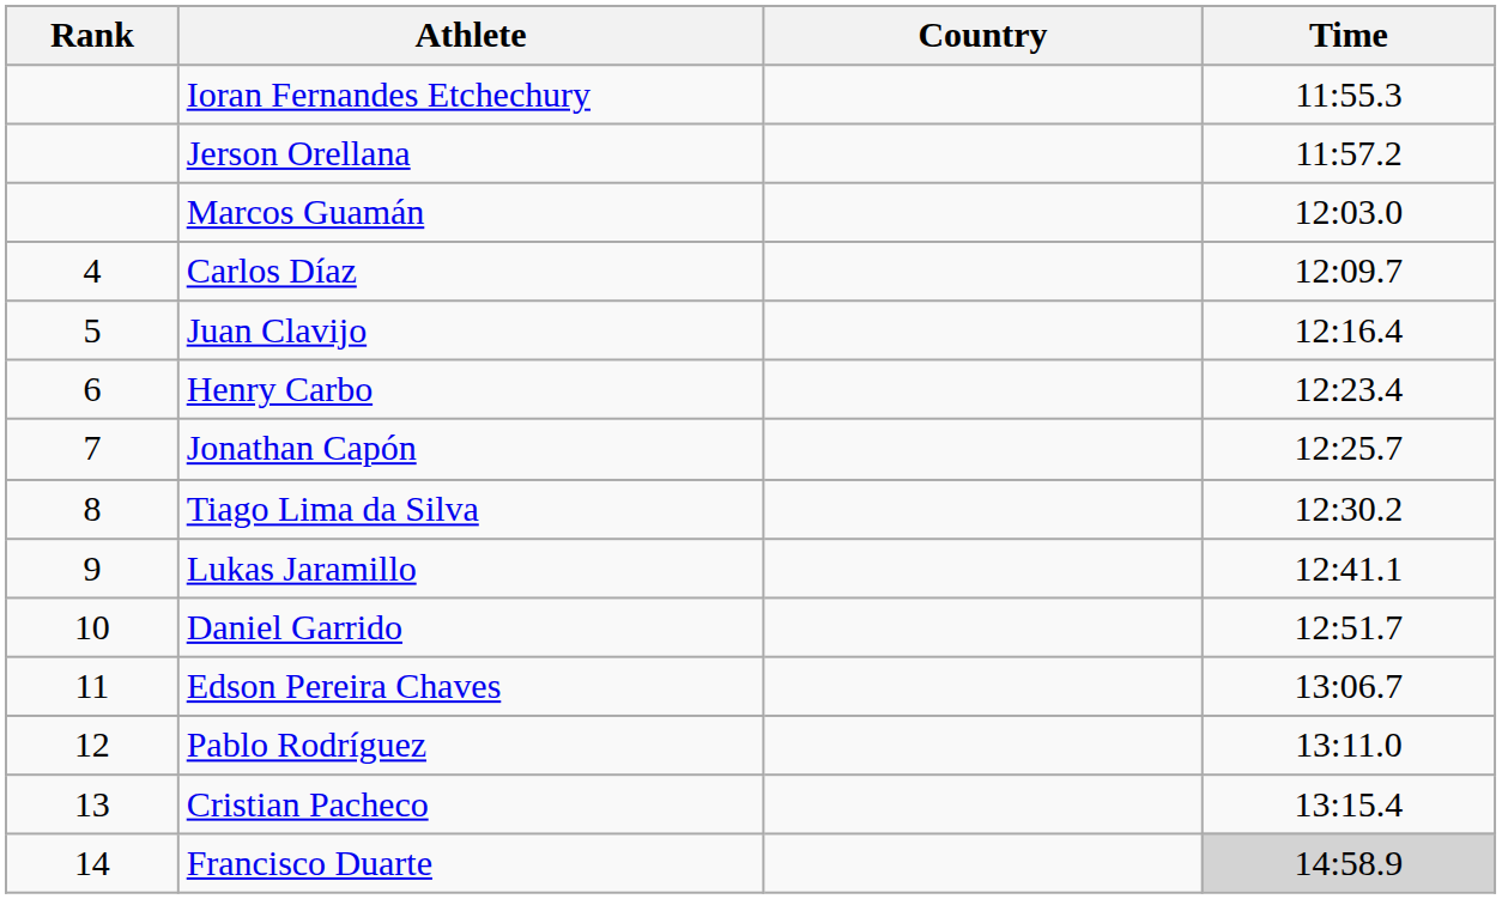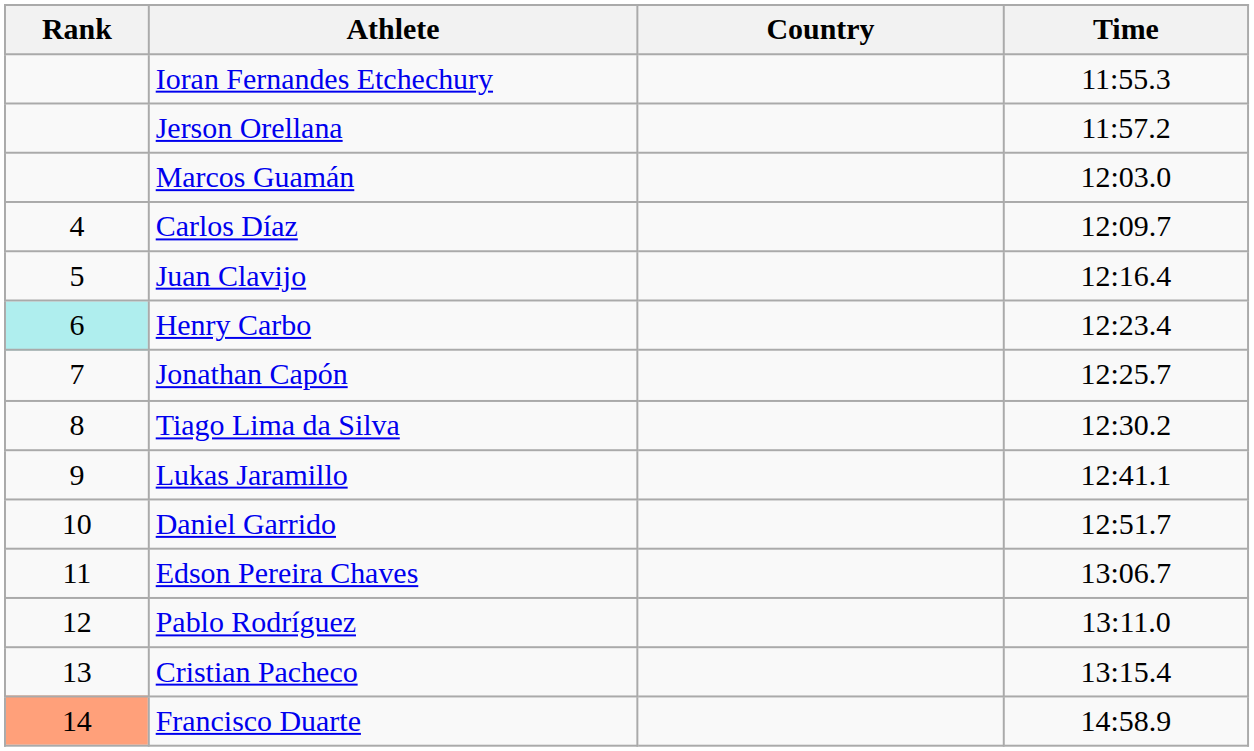 <table class="wikitable sortable" style=" text-align:center; font-size:95%;" width="50%">
 <tr>
 </tr>
 <tr>
 <th width=5%>Rank</th>
 <th width=20%>Athlete</th>
 <th width=15%>Country</th>
 <th width=10%>Time</th>
 </tr>
 <tr>
 <td align=center></td>
 <td align=left><a href='#'>Ioran Fernandes Etchechury</a></td>
 <td align=left></td>
 <td>11:55.3</td>
 </tr>
 <tr>
 <td align=center></td>
 <td align=left><a href='#'>Jerson Orellana</a></td>
 <td align=left></td>
 <td>11:57.2</td>
 </tr>
 <tr>
 <td align=center></td>
 <td align=left><a href='#'>Marcos Guamán</a></td>
 <td align=left></td>
 <td>12:03.0</td>
 </tr>
 <tr>
 <td align=center>4</td>
 <td align=left><a href='#'>Carlos Díaz</a></td>
 <td align=left></td>
 <td>12:09.7</td>
 </tr>
 <tr>
 <td align=center>5</td>
 <td align=left><a href='#'>Juan Clavijo</a></td>
 <td align=left></td>
 <td>12:16.4</td>
 </tr>
 <tr>
-<td align=center>6</td>
+<td align=center style="background: paleturquoise;">6</td>
 <td align=left><a href='#'>Henry Carbo</a></td>
 <td align=left></td>
 <td>12:23.4</td>
 </tr>
 <tr>
 <td align=center>7</td>
 <td align=left><a href='#'>Jonathan Capón</a></td>
 <td align=left></td>
 <td>12:25.7</td>
 </tr>
 <tr>
 <td align=center>8</td>
 <td align=left><a href='#'>Tiago Lima da Silva</a></td>
 <td align=left></td>
 <td>12:30.2</td>
 </tr>
 <tr>
 <td align=center>9</td>
 <td align=left><a href='#'>Lukas Jaramillo</a></td>
 <td align=left></td>
 <td>12:41.1</td>
 </tr>
 <tr>
 <td align=center>10</td>
 <td align=left><a href='#'>Daniel Garrido</a></td>
 <td align=left></td>
 <td>12:51.7</td>
 </tr>
 <tr>
 <td align=center>11</td>
 <td align=left><a href='#'>Edson Pereira Chaves</a></td>
 <td align=left></td>
 <td>13:06.7</td>
 </tr>
 <tr>
 <td align=center>12</td>
 <td align=left><a href='#'>Pablo Rodríguez</a></td>
 <td align=left></td>
 <td>13:11.0</td>
 </tr>
 <tr>
 <td align=center>13</td>
 <td align=left><a href='#'>Cristian Pacheco</a></td>
 <td align=left></td>
 <td>13:15.4</td>
 </tr>
 <tr>
-<td align=center>14</td>
+<td align=center style="background: lightsalmon;">14</td>
 <td align=left><a href='#'>Francisco Duarte</a></td>
 <td align=left></td>
-<td style="background: lightgrey;">14:58.9</td>
+<td>14:58.9</td>
 </tr>
 </table>
